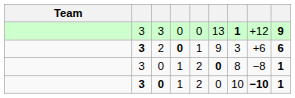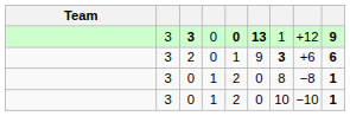 <table class="wikitable" style="text-align: center;">
 <tr>
 <th width="175">Team</th>
 <th width="20"></th>
 <th width="20"></th>
 <th width="20"></th>
 <th width="20"></th>
 <th width="20"></th>
 <th width="20"></th>
 <th width="20"></th>
 <th width="20"></th>
 </tr>
 <tr bgcolor="#ccffcc">
 <td align=left></td>
 <td>3</td>
-<td>3</td>
+<td><strong>3</strong></td>
 <td>0</td>
-<td>0</td>
-<td>13</td>
-<td><strong>1</strong></td>
+<td><strong>0</strong></td>
+<td><strong>13</strong></td>
+<td>1</td>
 <td>+12</td>
 <td><strong>9</strong></td>
 </tr>
 <tr bgcolor=>
 <td align=left></td>
-<td><strong>3</strong></td>
+<td>3</td>
 <td>2</td>
-<td><strong>0</strong></td>
+<td>0</td>
 <td>1</td>
 <td>9</td>
-<td>3</td>
+<td><strong>3</strong></td>
 <td>+6</td>
 <td><strong>6</strong></td>
 </tr>
 <tr bgcolor=>
 <td align=left></td>
 <td>3</td>
 <td>0</td>
 <td>1</td>
 <td>2</td>
-<td><strong>0</strong></td>
+<td>0</td>
 <td>8</td>
 <td>−8</td>
 <td><strong>1</strong></td>
 </tr>
 <tr bgcolor=>
 <td align=left><em></em></td>
-<td><strong>3</strong></td>
-<td><strong>0</strong></td>
+<td>3</td>
+<td>0</td>
 <td>1</td>
 <td>2</td>
 <td>0</td>
 <td>10</td>
-<td><strong>−10</strong></td>
+<td>−10</td>
 <td><strong>1</strong></td>
 </tr>
 </table>
